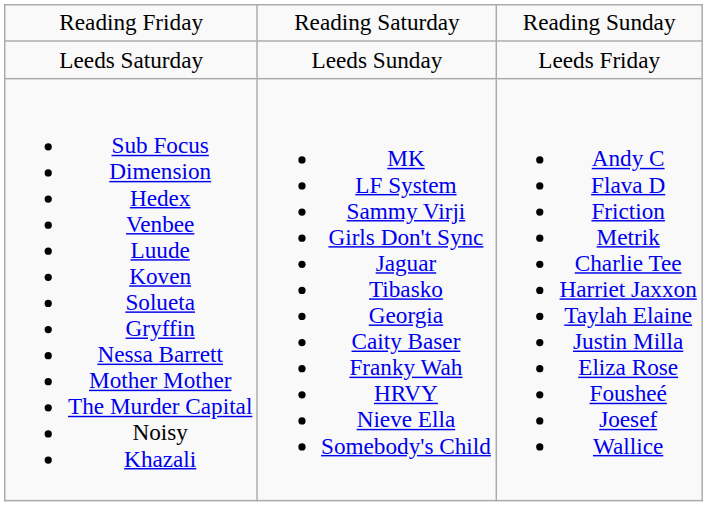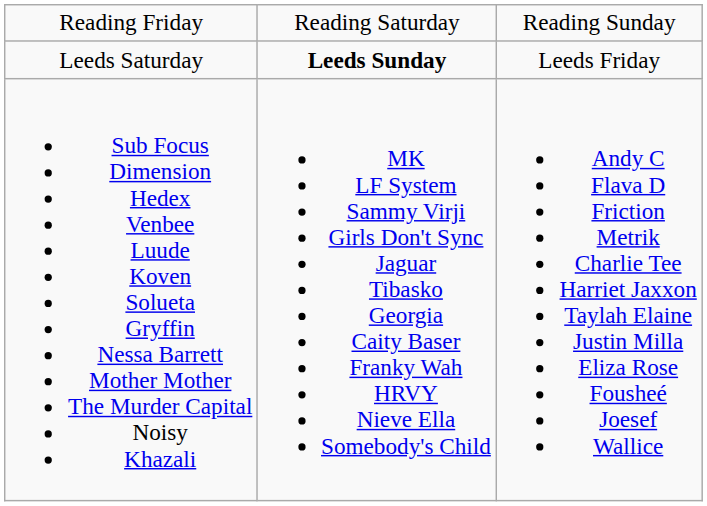 <table class="wikitable" style="text-align:center;">
 <tr>
 <td>Reading Friday</td>
 <td>Reading Saturday</td>
 <td>Reading Sunday</td>
 </tr>
 <tr>
 <td>Leeds Saturday</td>
-<td>Leeds Sunday</td>
+<td><strong>Leeds Sunday</strong></td>
 <td>Leeds Friday</td>
 </tr>
 <tr>
 <td><br><ul><li><a href='#'>Sub Focus</a></li><li><a href='#'>Dimension</a></li><li><a href='#'>Hedex</a></li><li><a href='#'>Venbee</a></li><li><a href='#'>Luude</a></li><li><a href='#'>Koven</a></li><li><a href='#'>Solueta</a></li><li><a href='#'>Gryffin</a></li><li><a href='#'>Nessa Barrett</a></li><li><a href='#'>Mother Mother</a></li><li><a href='#'>The Murder Capital</a></li><li>Noisy</li><li><a href='#'>Khazali</a></li></ul></td>
 <td><br><ul><li><a href='#'>MK</a></li><li><a href='#'>LF System</a></li><li><a href='#'>Sammy Virji</a></li><li><a href='#'>Girls Don't Sync</a></li><li><a href='#'>Jaguar</a></li><li><a href='#'>Tibasko</a></li><li><a href='#'>Georgia</a></li><li><a href='#'>Caity Baser</a></li><li><a href='#'>Franky Wah</a></li><li><a href='#'>HRVY</a></li><li><a href='#'>Nieve Ella</a></li><li><a href='#'>Somebody's Child</a></li></ul></td>
 <td><br><ul><li><a href='#'>Andy C</a></li><li><a href='#'>Flava D</a></li><li><a href='#'>Friction</a></li><li><a href='#'>Metrik</a></li><li><a href='#'>Charlie Tee</a></li><li><a href='#'>Harriet Jaxxon</a></li><li><a href='#'>Taylah Elaine</a></li><li><a href='#'>Justin Milla</a></li><li><a href='#'>Eliza Rose</a></li><li><a href='#'>Fousheé</a></li><li><a href='#'>Joesef</a></li><li><a href='#'>Wallice</a></li></ul></td>
 </tr>
 </table>
